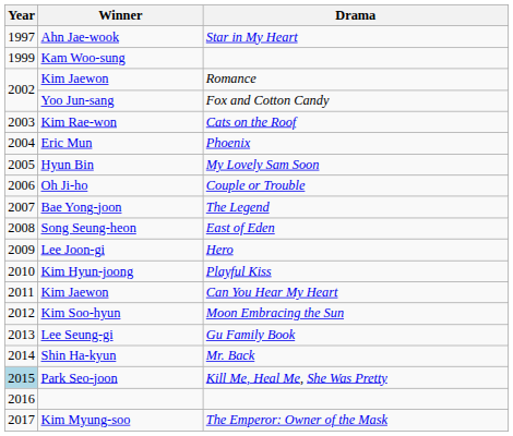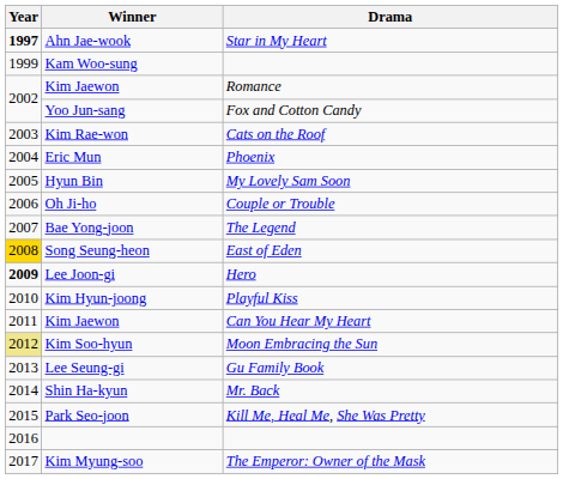 <table class="wikitable" style="width:600px">
 <tr>
 <th width=10>Year</th>
 <th>Winner</th>
 <th>Drama</th>
 </tr>
 <tr>
-<td>1997</td>
+<td><strong>1997</strong></td>
 <td><a href='#'>Ahn Jae-wook</a></td>
 <td><em><a href='#'>Star in My Heart</a></em></td>
 </tr>
 <tr>
 <td>1999</td>
 <td><a href='#'>Kam Woo-sung</a></td>
 <td></td>
 </tr>
 <tr>
 <td rowspan=2>2002</td>
 <td><a href='#'>Kim Jaewon</a></td>
 <td><em>Romance</em></td>
 </tr>
 <tr>
 <td><a href='#'>Yoo Jun-sang</a></td>
 <td><em>Fox and Cotton Candy</em></td>
 </tr>
 <tr>
 <td>2003</td>
 <td><a href='#'>Kim Rae-won</a></td>
 <td><em><a href='#'>Cats on the Roof</a></em></td>
 </tr>
 <tr>
 <td>2004</td>
 <td><a href='#'>Eric Mun</a></td>
 <td><em><a href='#'>Phoenix</a></em></td>
 </tr>
 <tr>
 <td>2005</td>
 <td><a href='#'>Hyun Bin</a></td>
 <td><em><a href='#'>My Lovely Sam Soon</a></em></td>
 </tr>
 <tr>
 <td>2006</td>
 <td><a href='#'>Oh Ji-ho</a></td>
 <td><em><a href='#'>Couple or Trouble</a></em></td>
 </tr>
 <tr>
 <td>2007</td>
 <td><a href='#'>Bae Yong-joon</a></td>
 <td><em><a href='#'>The Legend</a></em></td>
 </tr>
 <tr>
-<td>2008</td>
+<td style="background: gold;">2008</td>
 <td><a href='#'>Song Seung-heon</a></td>
 <td><em><a href='#'>East of Eden</a></em></td>
 </tr>
 <tr>
-<td>2009</td>
+<td><strong>2009</strong></td>
 <td><a href='#'>Lee Joon-gi</a></td>
 <td><em><a href='#'>Hero</a></em></td>
 </tr>
 <tr>
 <td>2010</td>
 <td><a href='#'>Kim Hyun-joong</a></td>
 <td><em><a href='#'>Playful Kiss</a></em></td>
 </tr>
 <tr>
 <td>2011</td>
 <td><a href='#'>Kim Jaewon</a></td>
 <td><em><a href='#'>Can You Hear My Heart</a></em></td>
 </tr>
 <tr>
-<td>2012</td>
+<td style="background: khaki;">2012</td>
 <td><a href='#'>Kim Soo-hyun</a></td>
 <td><em><a href='#'>Moon Embracing the Sun</a></em></td>
 </tr>
 <tr>
 <td>2013</td>
 <td><a href='#'>Lee Seung-gi</a></td>
 <td><em><a href='#'>Gu Family Book</a></em></td>
 </tr>
 <tr>
 <td>2014</td>
 <td><a href='#'>Shin Ha-kyun</a></td>
 <td><em><a href='#'>Mr. Back</a></em></td>
 </tr>
 <tr>
-<td style="background: lightblue;">2015</td>
+<td>2015</td>
 <td><a href='#'>Park Seo-joon</a></td>
 <td><em><a href='#'>Kill Me, Heal Me</a></em>, <em><a href='#'>She Was Pretty</a></em></td>
 </tr>
 <tr>
 <td>2016</td>
 <td></td>
 <td></td>
 </tr>
 <tr>
 <td>2017</td>
 <td><a href='#'>Kim Myung-soo</a></td>
 <td><em><a href='#'>The Emperor: Owner of the Mask</a></em></td>
 </tr>
 </table>
